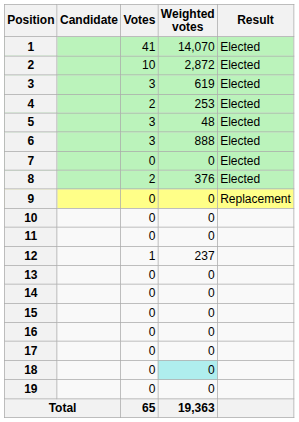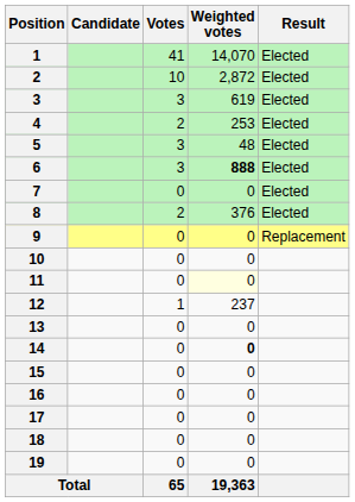 <table class="wikitable sortable">
 <tr>
 <th scope="col">Position</th>
 <th scope="col">Candidate</th>
 <th scope="col">Votes</th>
 <th scope="col">Weighted<br>votes</th>
 <th scope="col">Result</th>
 </tr>
 <tr bgcolor=bbf3bb>
 <th scope="row">1</th>
 <td></td>
 <td style="text-align:right">41</td>
 <td style="text-align:right">14,070</td>
 <td>Elected</td>
 </tr>
 <tr bgcolor=bbf3bb>
 <th scope="row">2</th>
 <td></td>
 <td style="text-align:right">10</td>
 <td style="text-align:right">2,872</td>
 <td>Elected</td>
 </tr>
 <tr bgcolor=bbf3bb>
 <th scope="row">3</th>
 <td></td>
 <td style="text-align:right">3</td>
 <td style="text-align:right">619</td>
 <td>Elected</td>
 </tr>
 <tr bgcolor=bbf3bb>
 <th scope="row">4</th>
 <td></td>
 <td style="text-align:right">2</td>
 <td style="text-align:right">253</td>
 <td>Elected</td>
 </tr>
 <tr bgcolor=bbf3bb>
 <th scope="row">5</th>
 <td></td>
 <td style="text-align:right">3</td>
 <td style="text-align:right">48</td>
 <td>Elected</td>
 </tr>
 <tr bgcolor=bbf3bb>
 <th scope="row">6</th>
 <td></td>
 <td style="text-align:right">3</td>
-<td style="text-align:right">888</td>
+<td style="text-align:right"><strong>888</strong></td>
 <td>Elected</td>
 </tr>
 <tr bgcolor=bbf3bb>
 <th scope="row">7</th>
 <td></td>
 <td style="text-align:right">0</td>
 <td style="text-align:right">0</td>
 <td>Elected</td>
 </tr>
 <tr bgcolor=bbf3bb>
 <th scope="row">8</th>
 <td></td>
 <td style="text-align:right">2</td>
 <td style="text-align:right">376</td>
 <td>Elected</td>
 </tr>
 <tr bgcolor=#FF8>
 <th scope="row">9</th>
 <td></td>
 <td style="text-align:right">0</td>
 <td style="text-align:right">0</td>
 <td>Replacement</td>
 </tr>
 <tr>
 <th scope="row">10</th>
 <td></td>
 <td style="text-align:right">0</td>
 <td style="text-align:right">0</td>
 <td></td>
 </tr>
 <tr>
 <th scope="row">11</th>
 <td></td>
 <td style="text-align:right">0</td>
-<td style="text-align:right">0</td>
+<td style="background: lightyellow; text-align:right">0</td>
 <td></td>
 </tr>
 <tr>
 <th scope="row">12</th>
 <td></td>
 <td style="text-align:right">1</td>
 <td style="text-align:right">237</td>
 <td></td>
 </tr>
 <tr>
 <th scope="row">13</th>
 <td></td>
 <td style="text-align:right">0</td>
 <td style="text-align:right">0</td>
 <td></td>
 </tr>
 <tr>
 <th scope="row">14</th>
 <td></td>
 <td style="text-align:right">0</td>
-<td style="text-align:right">0</td>
+<td style="text-align:right"><strong>0</strong></td>
 <td></td>
 </tr>
 <tr>
 <th scope="row">15</th>
 <td></td>
 <td style="text-align:right">0</td>
 <td style="text-align:right">0</td>
 <td></td>
 </tr>
 <tr>
 <th scope="row">16</th>
 <td></td>
 <td style="text-align:right">0</td>
 <td style="text-align:right">0</td>
 <td></td>
 </tr>
 <tr>
 <th scope="row">17</th>
 <td></td>
 <td style="text-align:right">0</td>
 <td style="text-align:right">0</td>
 <td></td>
 </tr>
 <tr>
 <th scope="row">18</th>
 <td></td>
 <td style="text-align:right">0</td>
-<td style="background: paleturquoise; text-align:right">0</td>
+<td style="text-align:right">0</td>
 <td></td>
 </tr>
 <tr>
 <th scope="row">19</th>
 <td></td>
 <td style="text-align:right">0</td>
 <td style="text-align:right">0</td>
 <td></td>
 </tr>
 <tr class="sortbottom">
 <th scope="row" colspan="2">Total</th>
 <th style="text-align:right">65</th>
 <th style="text-align:right">19,363</th>
 <th></th>
 </tr>
 </table>
